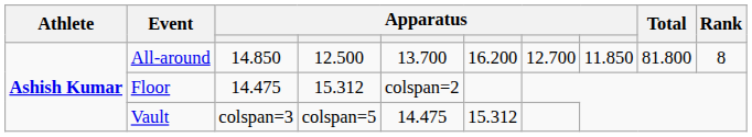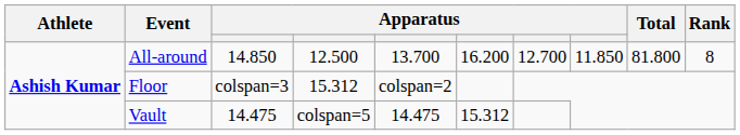 <table class="wikitable" style="font-size:90%">
 <tr>
 <th rowspan=2>Athlete</th>
 <th rowspan=2>Event</th>
 <th colspan =6>Apparatus</th>
 <th rowspan=2>Total</th>
 <th rowspan=2>Rank</th>
 </tr>
 <tr style="font-size:95%">
 <th></th>
 <th></th>
 <th></th>
 <th></th>
 <th></th>
 <th></th>
 </tr>
 <tr align=center>
 <td align=left rowspan=3><strong><a href='#'>Ashish Kumar</a></strong></td>
 <td align=left><a href='#'>All-around</a></td>
 <td>14.850</td>
 <td>12.500</td>
 <td>13.700</td>
 <td>16.200</td>
 <td>12.700</td>
 <td>11.850</td>
 <td>81.800</td>
 <td>8</td>
 </tr>
 <tr align=center>
 <td align=left><a href='#'>Floor</a></td>
-<td>14.475</td>
+<td>colspan=3 </td>
 <td>15.312</td>
 <td>colspan=2 </td>
 <td></td>
 </tr>
 <tr align=center>
 <td align=left><a href='#'>Vault</a></td>
-<td>colspan=3 </td>
+<td>14.475</td>
 <td>colspan=5 </td>
 <td>14.475</td>
 <td>15.312</td>
 <td></td>
 </tr>
 </table>
